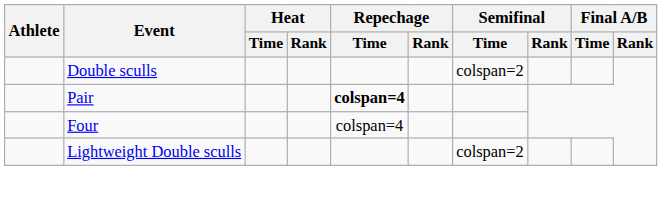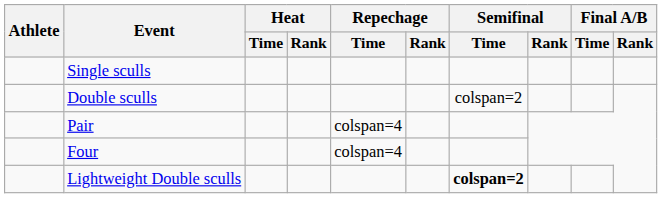 <table class=wikitable style=font-size:90%;text-align:center>
 <tr>
 <th rowspan=2>Athlete</th>
 <th rowspan=2>Event</th>
 <th colspan=2>Heat</th>
 <th colspan=2>Repechage</th>
 <th colspan=2>Semifinal</th>
 <th colspan=2>Final A/B</th>
 </tr>
 <tr style=font-size:95%>
 <th>Time</th>
 <th>Rank</th>
 <th>Time</th>
 <th>Rank</th>
 <th>Time</th>
 <th>Rank</th>
 <th>Time</th>
 <th>Rank</th>
 </tr>
 <tr>
 <td align=left></td>
+<td align=left><a href='#'>Single sculls</a></td>
+<td></td>
+<td></td>
+<td></td>
+<td></td>
+<td></td>
+<td></td>
+<td></td>
+<td></td>
+</tr>
+<tr>
+<td align=left></td>
 <td align=left><a href='#'>Double sculls</a></td>
 <td></td>
 <td></td>
 <td></td>
 <td></td>
 <td>colspan=2 </td>
 <td></td>
 <td></td>
 </tr>
 <tr>
 <td align=left></td>
 <td align=left><a href='#'>Pair</a></td>
 <td></td>
 <td></td>
-<td><strong>colspan=4 </strong></td>
+<td>colspan=4 </td>
 <td></td>
 <td></td>
 </tr>
 <tr>
 <td align=left></td>
 <td align=left><a href='#'>Four</a></td>
 <td></td>
 <td></td>
 <td>colspan=4 </td>
 <td></td>
 <td></td>
 </tr>
 <tr>
 <td align=left></td>
 <td align=left><a href='#'>Lightweight Double sculls</a></td>
 <td></td>
 <td></td>
 <td></td>
 <td></td>
-<td>colspan=2 </td>
+<td><strong>colspan=2 </strong></td>
 <td></td>
 <td></td>
 </tr>
 </table>
